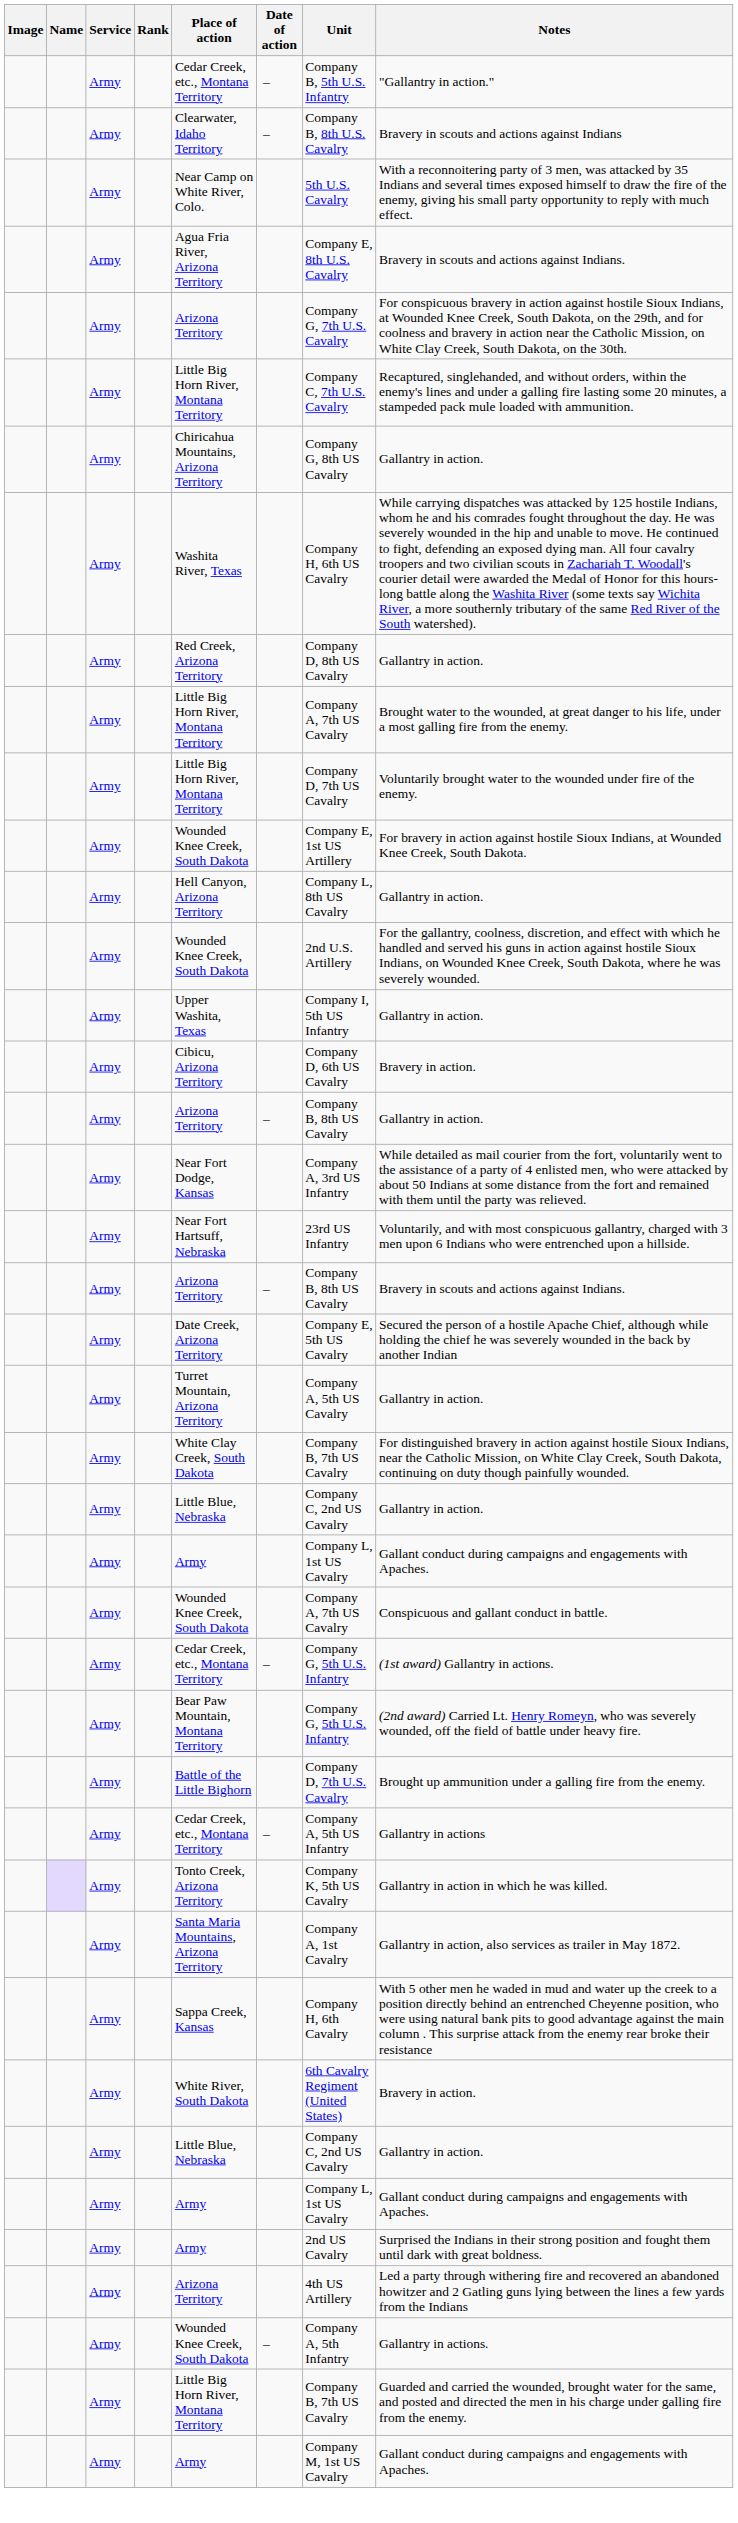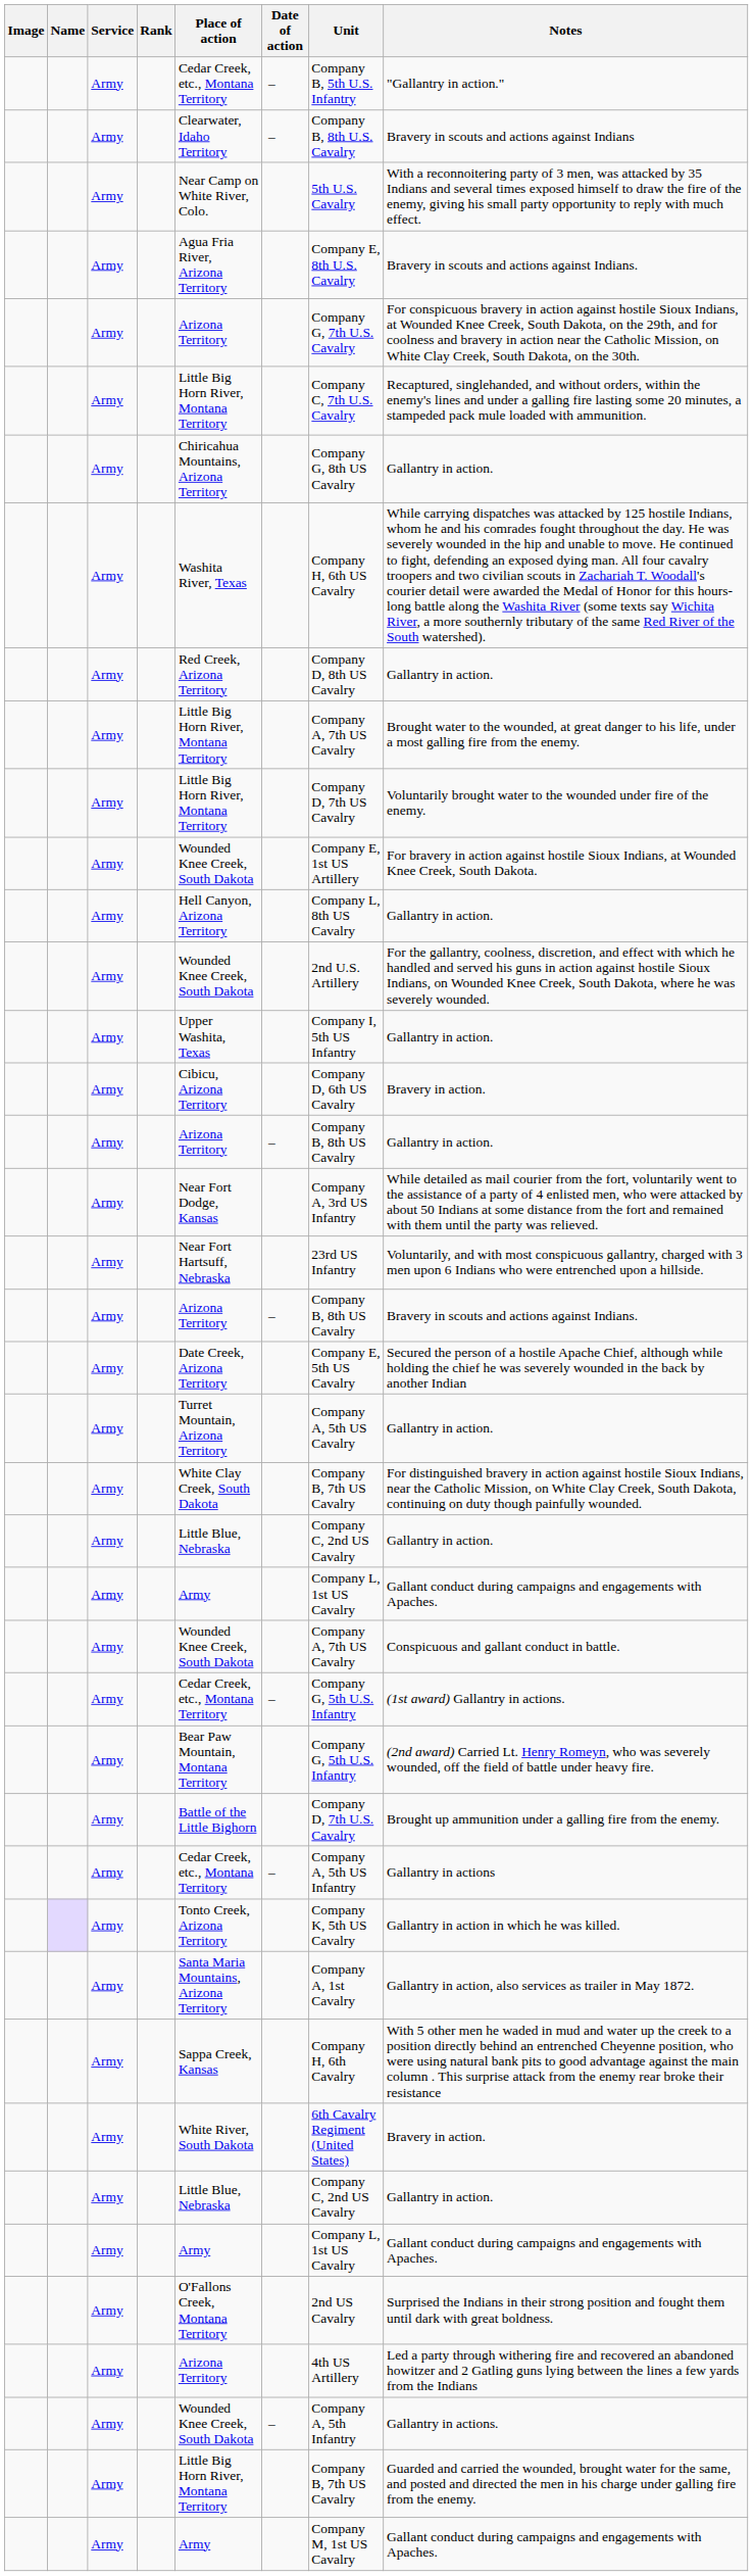 <table class="wikitable sortable">
 <tr>
 <th class="unsortable">Image</th>
 <th>Name</th>
 <th>Service</th>
 <th>Rank</th>
 <th>Place of action</th>
 <th>Date of action</th>
 <th>Unit</th>
 <th class="unsortable">Notes</th>
 </tr>
 <tr>
 <td></td>
 <td></td>
 <td><a href='#'>Army</a></td>
 <td></td>
 <td>Cedar Creek, etc., <a href='#'>Montana Territory</a></td>
 <td> – </td>
 <td>Company B, <a href='#'>5th U.S. Infantry</a></td>
 <td>"Gallantry in action."</td>
 </tr>
 <tr>
 <td></td>
 <td></td>
 <td><a href='#'>Army</a></td>
 <td></td>
 <td>Clearwater, <a href='#'>Idaho Territory</a></td>
 <td> – </td>
 <td>Company B, <a href='#'>8th U.S. Cavalry</a></td>
 <td>Bravery in scouts and actions against Indians</td>
 </tr>
 <tr>
 <td></td>
 <td></td>
 <td><a href='#'>Army</a></td>
 <td></td>
 <td>Near Camp on White River, Colo.</td>
 <td></td>
 <td><a href='#'>5th U.S. Cavalry</a></td>
 <td>With a reconnoitering party of 3 men, was attacked by 35 Indians and several times exposed himself to draw the fire of the enemy, giving his small party opportunity to reply with much effect.</td>
 </tr>
 <tr>
 <td></td>
 <td></td>
 <td><a href='#'>Army</a></td>
 <td></td>
 <td>Agua Fria River, <a href='#'>Arizona Territory</a></td>
 <td></td>
 <td>Company E, <a href='#'>8th U.S. Cavalry</a></td>
 <td>Bravery in scouts and actions against Indians.</td>
 </tr>
 <tr>
 <td></td>
 <td></td>
 <td><a href='#'>Army</a></td>
 <td></td>
 <td><a href='#'>Arizona Territory</a></td>
 <td></td>
 <td>Company G, <a href='#'>7th U.S. Cavalry</a></td>
 <td>For conspicuous bravery in action against hostile Sioux Indians, at Wounded Knee Creek, South Dakota, on the 29th, and for coolness and bravery in action near the Catholic Mission, on White Clay Creek, South Dakota, on the 30th.</td>
 </tr>
 <tr>
 <td></td>
 <td></td>
 <td><a href='#'>Army</a></td>
 <td></td>
 <td>Little Big Horn River, <a href='#'>Montana Territory</a></td>
 <td></td>
 <td>Company C, <a href='#'>7th U.S. Cavalry</a></td>
 <td>Recaptured, singlehanded, and without orders, within the enemy's lines and under a galling fire lasting some 20 minutes, a stampeded pack mule loaded with ammunition.</td>
 </tr>
 <tr>
 <td></td>
 <td></td>
 <td><a href='#'>Army</a></td>
 <td></td>
 <td>Chiricahua Mountains, <a href='#'>Arizona Territory</a></td>
 <td></td>
 <td>Company G, 8th US Cavalry</td>
 <td>Gallantry in action.</td>
 </tr>
 <tr>
 <td></td>
 <td></td>
 <td><a href='#'>Army</a></td>
 <td></td>
 <td>Washita River, <a href='#'>Texas</a></td>
 <td></td>
 <td>Company H, 6th US Cavalry</td>
 <td>While carrying dispatches was attacked by 125 hostile Indians, whom he and his comrades fought throughout the day. He was severely wounded in the hip and unable to move. He continued to fight, defending an exposed dying man. All four cavalry troopers and two civilian scouts in <a href='#'>Zachariah T. Woodall</a>'s courier detail were awarded the Medal of Honor for this hours-long battle along the <a href='#'>Washita River</a> (some texts say <a href='#'>Wichita River</a>, a more southernly tributary of the same <a href='#'>Red River of the South</a> watershed).</td>
 </tr>
 <tr>
 <td></td>
 <td></td>
 <td><a href='#'>Army</a></td>
 <td></td>
 <td>Red Creek, <a href='#'>Arizona Territory</a></td>
 <td></td>
 <td>Company D, 8th US Cavalry</td>
 <td>Gallantry in action.</td>
 </tr>
 <tr>
 <td></td>
 <td></td>
 <td><a href='#'>Army</a></td>
 <td></td>
 <td>Little Big Horn River, <a href='#'>Montana Territory</a></td>
 <td></td>
 <td>Company A, 7th US Cavalry</td>
 <td>Brought water to the wounded, at great danger to his life, under a most galling fire from the enemy.</td>
 </tr>
 <tr>
 <td></td>
 <td></td>
 <td><a href='#'>Army</a></td>
 <td></td>
 <td>Little Big Horn River, <a href='#'>Montana Territory</a></td>
 <td></td>
 <td>Company D, 7th US Cavalry</td>
 <td>Voluntarily brought water to the wounded under fire of the enemy.</td>
 </tr>
 <tr>
 <td></td>
 <td></td>
 <td><a href='#'>Army</a></td>
 <td></td>
 <td>Wounded Knee Creek, <a href='#'>South Dakota</a></td>
 <td></td>
 <td>Company E, 1st US Artillery</td>
 <td>For bravery in action against hostile Sioux Indians, at Wounded Knee Creek, South Dakota.</td>
 </tr>
 <tr>
 <td></td>
 <td></td>
 <td><a href='#'>Army</a></td>
 <td></td>
 <td>Hell Canyon, <a href='#'>Arizona Territory</a></td>
 <td></td>
 <td>Company L, 8th US Cavalry</td>
 <td>Gallantry in action.</td>
 </tr>
 <tr>
 <td></td>
 <td></td>
 <td><a href='#'>Army</a></td>
 <td></td>
 <td>Wounded Knee Creek, <a href='#'>South Dakota</a></td>
 <td></td>
 <td>2nd U.S. Artillery</td>
 <td>For the gallantry, coolness, discretion, and effect with which he handled and served his guns in action against hostile Sioux Indians, on Wounded Knee Creek, South Dakota, where he was severely wounded.</td>
 </tr>
 <tr>
 <td></td>
 <td></td>
 <td><a href='#'>Army</a></td>
 <td></td>
 <td>Upper Washita, <a href='#'>Texas</a></td>
 <td></td>
 <td>Company I, 5th US Infantry</td>
 <td>Gallantry in action.</td>
 </tr>
 <tr>
 <td></td>
 <td></td>
 <td><a href='#'>Army</a></td>
 <td></td>
 <td>Cibicu, <a href='#'>Arizona Territory</a></td>
 <td></td>
 <td>Company D, 6th US Cavalry</td>
 <td>Bravery in action.</td>
 </tr>
 <tr>
 <td></td>
 <td></td>
 <td><a href='#'>Army</a></td>
 <td></td>
 <td><a href='#'>Arizona Territory</a></td>
 <td> – </td>
 <td>Company B, 8th US Cavalry</td>
 <td>Gallantry in action.</td>
 </tr>
 <tr>
 <td></td>
 <td></td>
 <td><a href='#'>Army</a></td>
 <td></td>
 <td>Near Fort Dodge, <a href='#'>Kansas</a></td>
 <td></td>
 <td>Company A, 3rd US Infantry</td>
 <td>While detailed as mail courier from the fort, voluntarily went to the assistance of a party of 4 enlisted men, who were attacked by about 50 Indians at some distance from the fort and remained with them until the party was relieved.</td>
 </tr>
 <tr>
 <td></td>
 <td></td>
 <td><a href='#'>Army</a></td>
 <td></td>
 <td>Near Fort Hartsuff, <a href='#'>Nebraska</a></td>
 <td></td>
 <td>23rd US Infantry</td>
 <td>Voluntarily, and with most conspicuous gallantry, charged with 3 men upon 6 Indians who were entrenched upon a hillside.</td>
 </tr>
 <tr>
 <td></td>
 <td></td>
 <td><a href='#'>Army</a></td>
 <td></td>
 <td><a href='#'>Arizona Territory</a></td>
 <td> – </td>
 <td>Company B, 8th US Cavalry</td>
 <td>Bravery in scouts and actions against Indians.</td>
 </tr>
 <tr>
 <td></td>
 <td></td>
 <td><a href='#'>Army</a></td>
 <td></td>
 <td>Date Creek, <a href='#'>Arizona Territory</a></td>
 <td></td>
 <td>Company E, 5th US Cavalry</td>
 <td>Secured the person of a hostile Apache Chief, although while holding the chief he was severely wounded in the back by another Indian</td>
 </tr>
 <tr>
 <td></td>
 <td></td>
 <td><a href='#'>Army</a></td>
 <td></td>
 <td>Turret Mountain, <a href='#'>Arizona Territory</a></td>
 <td></td>
 <td>Company A, 5th US Cavalry</td>
 <td>Gallantry in action.</td>
 </tr>
 <tr>
 <td></td>
 <td></td>
 <td><a href='#'>Army</a></td>
 <td></td>
 <td>White Clay Creek, <a href='#'>South Dakota</a></td>
 <td></td>
 <td>Company B, 7th US Cavalry</td>
 <td>For distinguished bravery in action against hostile Sioux Indians, near the Catholic Mission, on White Clay Creek, South Dakota, continuing on duty though painfully wounded.</td>
 </tr>
 <tr>
 <td></td>
 <td></td>
 <td><a href='#'>Army</a></td>
 <td></td>
 <td>Little Blue, <a href='#'>Nebraska</a></td>
 <td></td>
 <td>Company C, 2nd US Cavalry</td>
 <td>Gallantry in action.</td>
 </tr>
 <tr>
 <td></td>
 <td></td>
 <td><a href='#'>Army</a></td>
 <td></td>
 <td><a href='#'>Army</a></td>
 <td></td>
 <td>Company L, 1st US Cavalry</td>
 <td>Gallant conduct during campaigns and engagements with Apaches.</td>
 </tr>
 <tr>
 <td></td>
 <td></td>
 <td><a href='#'>Army</a></td>
 <td></td>
 <td>Wounded Knee Creek, <a href='#'>South Dakota</a></td>
 <td></td>
 <td>Company A, 7th US Cavalry</td>
 <td>Conspicuous and gallant conduct in battle.</td>
 </tr>
 <tr>
 <td></td>
 <td></td>
 <td><a href='#'>Army</a></td>
 <td></td>
 <td>Cedar Creek, etc., <a href='#'>Montana Territory</a></td>
 <td> – </td>
 <td>Company G, <a href='#'>5th U.S. Infantry</a></td>
 <td><em>(1st award)</em> Gallantry in actions.</td>
 </tr>
 <tr>
 <td></td>
 <td></td>
 <td><a href='#'>Army</a></td>
 <td></td>
 <td>Bear Paw Mountain, <a href='#'>Montana Territory</a></td>
 <td></td>
 <td>Company G, <a href='#'>5th U.S. Infantry</a></td>
 <td><em>(2nd award)</em> Carried Lt. <a href='#'>Henry Romeyn</a>, who was severely wounded, off the field of battle under heavy fire.</td>
 </tr>
 <tr>
 <td></td>
 <td></td>
 <td><a href='#'>Army</a></td>
 <td></td>
 <td><a href='#'>Battle of the Little Bighorn</a></td>
 <td></td>
 <td>Company D, <a href='#'>7th U.S. Cavalry</a></td>
 <td>Brought up ammunition under a galling fire from the enemy.</td>
 </tr>
 <tr>
 <td></td>
 <td></td>
 <td><a href='#'>Army</a></td>
 <td></td>
 <td>Cedar Creek, etc., <a href='#'>Montana Territory</a></td>
 <td> – </td>
 <td>Company A, 5th US Infantry</td>
 <td>Gallantry in actions</td>
 </tr>
 <tr>
 <td></td>
 <td style="background:#e3d9ff;"></td>
 <td><a href='#'>Army</a></td>
 <td></td>
 <td>Tonto Creek, <a href='#'>Arizona Territory</a></td>
 <td></td>
 <td>Company K, 5th US Cavalry</td>
 <td>Gallantry in action in which he was killed.</td>
 </tr>
 <tr>
 <td></td>
 <td></td>
 <td><a href='#'>Army</a></td>
 <td></td>
 <td><a href='#'>Santa Maria Mountains</a>, <a href='#'>Arizona Territory</a></td>
 <td></td>
 <td>Company A, 1st Cavalry</td>
 <td>Gallantry in action, also services as trailer in May 1872.</td>
 </tr>
 <tr>
 <td></td>
 <td></td>
 <td><a href='#'>Army</a></td>
 <td></td>
 <td>Sappa Creek, <a href='#'>Kansas</a></td>
 <td></td>
 <td>Company H, 6th Cavalry</td>
 <td>With 5 other men he waded in mud and water up the creek to a position directly behind an entrenched Cheyenne position, who were using natural bank pits to good advantage against the main column . This surprise attack from the enemy rear broke their resistance</td>
 </tr>
 <tr>
 <td></td>
 <td></td>
 <td><a href='#'>Army</a></td>
 <td></td>
 <td>White River, <a href='#'>South Dakota</a></td>
 <td></td>
 <td><a href='#'>6th Cavalry Regiment (United States)</a></td>
 <td>Bravery in action.</td>
 </tr>
 <tr>
 <td></td>
 <td></td>
 <td><a href='#'>Army</a></td>
 <td></td>
 <td>Little Blue, <a href='#'>Nebraska</a></td>
 <td></td>
 <td>Company C, 2nd US Cavalry</td>
 <td>Gallantry in action.</td>
 </tr>
 <tr>
 <td></td>
 <td></td>
 <td><a href='#'>Army</a></td>
 <td></td>
 <td><a href='#'>Army</a></td>
 <td></td>
 <td>Company L, 1st US Cavalry</td>
 <td>Gallant conduct during campaigns and engagements with Apaches.</td>
 </tr>
 <tr>
 <td></td>
 <td></td>
 <td><a href='#'>Army</a></td>
 <td></td>
-<td><a href='#'>Army</a></td>
+<td>O'Fallons Creek, <a href='#'>Montana Territory</a></td>
 <td></td>
 <td>2nd US Cavalry</td>
 <td>Surprised the Indians in their strong position and fought them until dark with great boldness.</td>
 </tr>
 <tr>
 <td></td>
 <td></td>
 <td><a href='#'>Army</a></td>
 <td></td>
 <td><a href='#'>Arizona Territory</a></td>
 <td></td>
 <td>4th US Artillery</td>
 <td>Led a party through withering fire and recovered an abandoned howitzer and 2 Gatling guns lying between the lines a few yards from the Indians</td>
 </tr>
 <tr>
 <td></td>
 <td></td>
 <td><a href='#'>Army</a></td>
 <td></td>
 <td>Wounded Knee Creek, <a href='#'>South Dakota</a></td>
 <td> – </td>
 <td>Company A, 5th Infantry</td>
 <td>Gallantry in actions.</td>
 </tr>
 <tr>
 <td></td>
 <td></td>
 <td><a href='#'>Army</a></td>
 <td></td>
 <td>Little Big Horn River, <a href='#'>Montana Territory</a></td>
 <td></td>
 <td>Company B, 7th US Cavalry</td>
 <td>Guarded and carried the wounded, brought water for the same, and posted and directed the men in his charge under galling fire from the enemy.</td>
 </tr>
 <tr>
 <td></td>
 <td></td>
 <td><a href='#'>Army</a></td>
 <td></td>
 <td><a href='#'>Army</a></td>
 <td></td>
 <td>Company M, 1st US Cavalry</td>
 <td>Gallant conduct during campaigns and engagements with Apaches.</td>
 </tr>
 </table>
